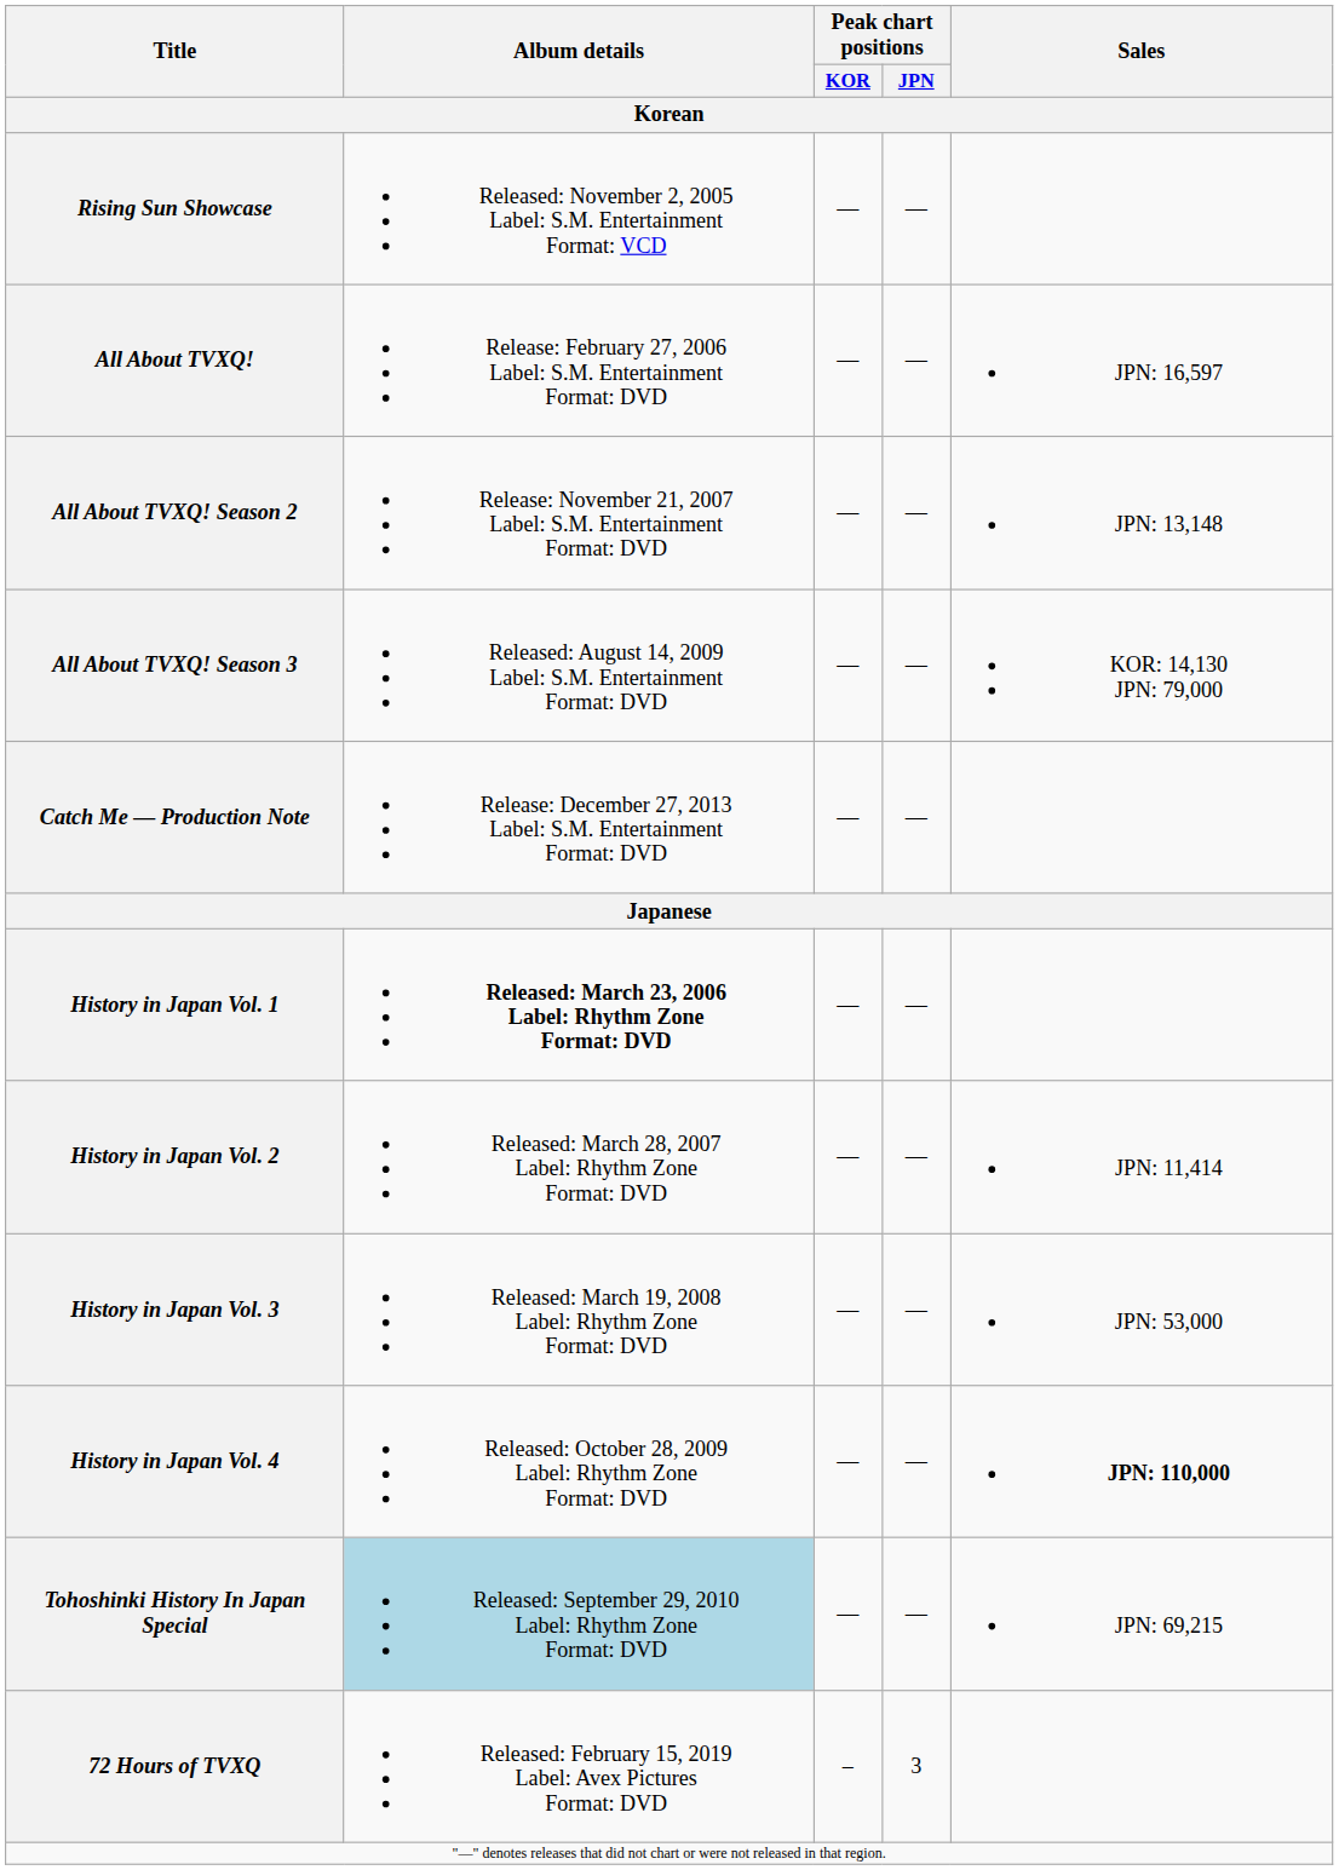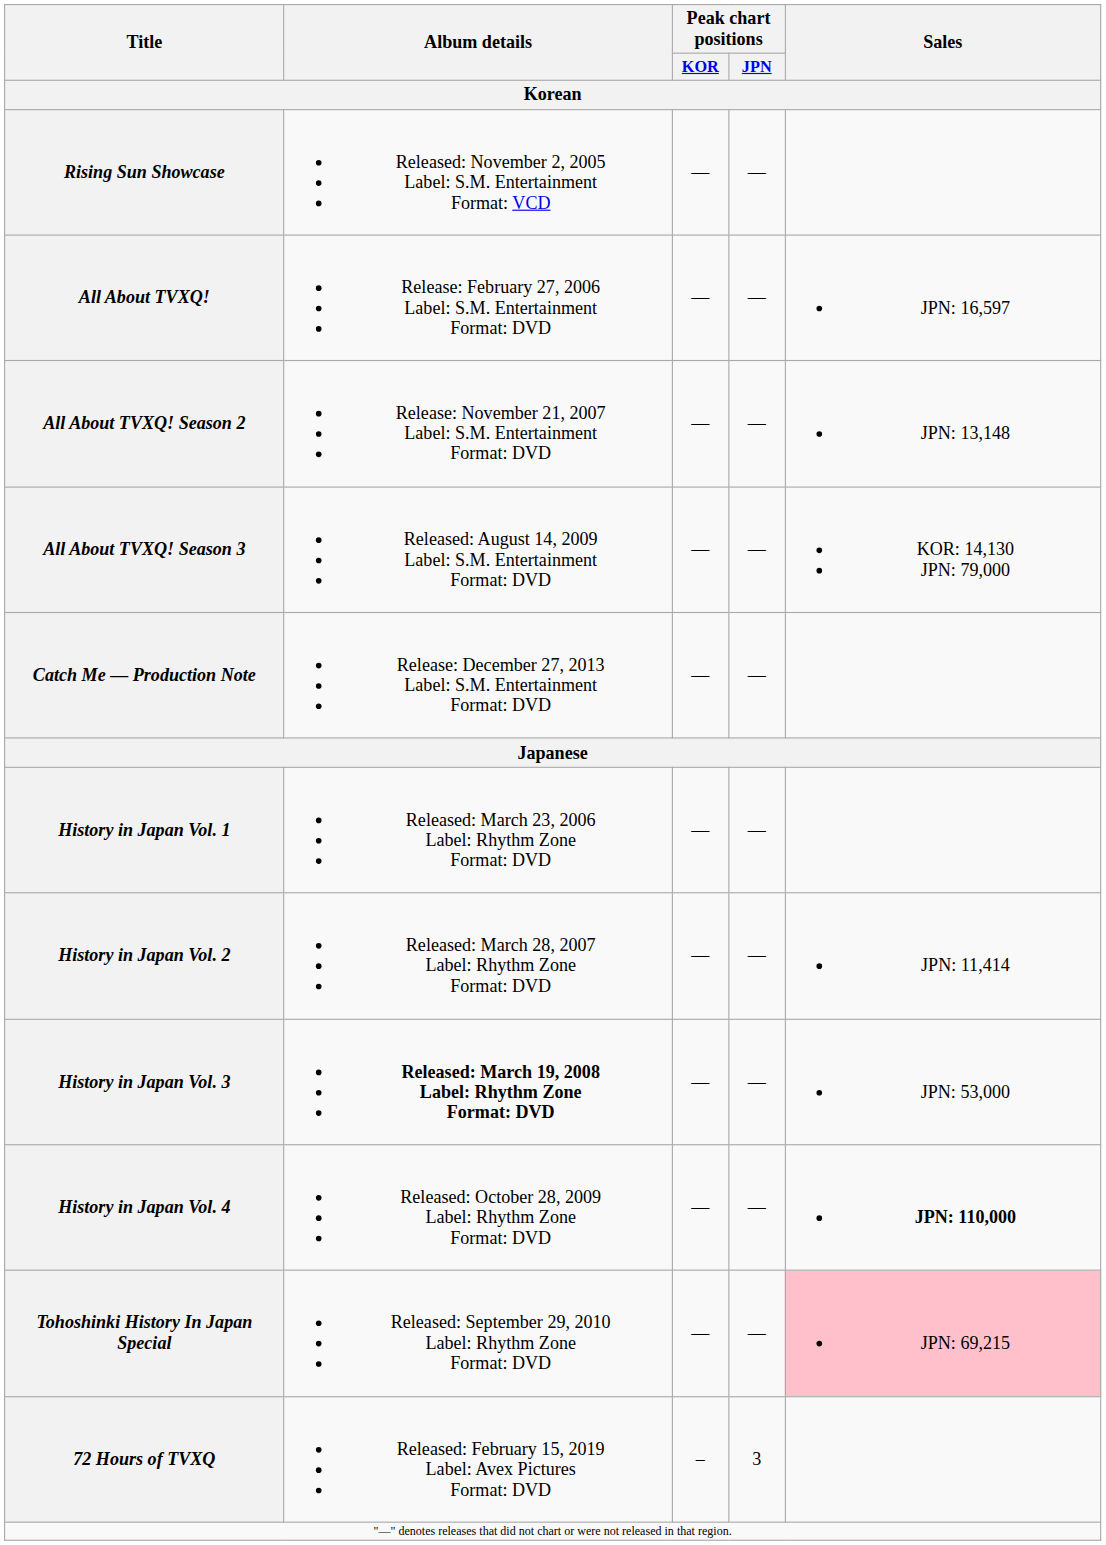 <table class="wikitable plainrowheaders" style="text-align:center;">
 <tr>
 <th scope="col" rowspan="2" style="width:15em;">Title</th>
 <th scope="col" rowspan="2" style="width:21em;">Album details</th>
 <th scope="col" colspan="2">Peak chart positions</th>
 <th scope="col" rowspan="2" style="width:17em;">Sales</th>
 </tr>
 <tr>
 <th scope="col" style="width:3em;font-size:90%;"><a href='#'>KOR</a><br></th>
 <th scope="col" style="width:3em;font-size:90%;"><a href='#'>JPN</a><br></th>
 </tr>
 <tr>
 <th colspan="8">Korean</th>
 </tr>
 <tr>
 <th scope="row"><em>Rising Sun Showcase</em></th>
 <td><br><ul><li>Released: November 2, 2005</li><li>Label: S.M. Entertainment</li><li>Format: <a href='#'>VCD</a></li></ul></td>
 <td style="text-align:center;">—</td>
 <td style="text-align:center;">—</td>
 <td></td>
 </tr>
 <tr>
 <th scope="row"><em>All About TVXQ!</em></th>
 <td><br><ul><li>Release: February 27, 2006</li><li>Label: S.M. Entertainment</li><li>Format: DVD</li></ul></td>
 <td style="text-align:center;">—</td>
 <td style="text-align:center;">—</td>
 <td><br><ul><li>JPN: 16,597</li></ul></td>
 </tr>
 <tr>
 <th scope="row"><em>All About TVXQ! Season 2</em></th>
 <td><br><ul><li>Release: November 21, 2007</li><li>Label: S.M. Entertainment</li><li>Format: DVD</li></ul></td>
 <td style="text-align:center;">—</td>
 <td style="text-align:center;">—</td>
 <td><br><ul><li>JPN: 13,148</li></ul></td>
 </tr>
 <tr>
 <th scope="row"><em>All About TVXQ! Season 3</em></th>
 <td><br><ul><li>Released: August 14, 2009</li><li>Label: S.M. Entertainment</li><li>Format: DVD</li></ul></td>
 <td style="text-align:center;">—</td>
 <td style="text-align:center;">—</td>
 <td><br><ul><li>KOR: 14,130</li><li>JPN: 79,000</li></ul></td>
 </tr>
 <tr>
 <th scope="row"><em>Catch Me — Production Note</em></th>
 <td><br><ul><li>Release: December 27, 2013</li><li>Label: S.M. Entertainment</li><li>Format: DVD</li></ul></td>
 <td style="text-align:center;">—</td>
 <td style="text-align:center;">—</td>
 <td></td>
 </tr>
 <tr>
 <th colspan="8">Japanese</th>
 </tr>
 <tr>
 <th scope="row"><em>History in Japan Vol. 1</em></th>
-<td><strong><br><ul><li>Released: March 23, 2006</li><li>Label: Rhythm Zone</li><li>Format: DVD</li></ul></strong></td>
+<td><br><ul><li>Released: March 23, 2006</li><li>Label: Rhythm Zone</li><li>Format: DVD</li></ul></td>
 <td style="text-align:center;">—</td>
 <td style="text-align:center;">—</td>
 <td></td>
 </tr>
 <tr>
 <th scope="row"><em>History in Japan Vol. 2</em></th>
 <td><br><ul><li>Released: March 28, 2007</li><li>Label: Rhythm Zone</li><li>Format: DVD</li></ul></td>
 <td style="text-align:center;">—</td>
 <td style="text-align:center;">—</td>
 <td><br><ul><li>JPN: 11,414</li></ul></td>
 </tr>
 <tr>
 <th scope="row"><em>History in Japan Vol. 3</em></th>
-<td><br><ul><li>Released: March 19, 2008</li><li>Label: Rhythm Zone</li><li>Format: DVD</li></ul></td>
+<td><strong><br><ul><li>Released: March 19, 2008</li><li>Label: Rhythm Zone</li><li>Format: DVD</li></ul></strong></td>
 <td style="text-align:center;">—</td>
 <td style="text-align:center;">—</td>
 <td><br><ul><li>JPN: 53,000</li></ul></td>
 </tr>
 <tr>
 <th scope="row"><em>History in Japan Vol. 4</em></th>
 <td><br><ul><li>Released: October 28, 2009</li><li>Label: Rhythm Zone</li><li>Format: DVD</li></ul></td>
 <td style="text-align:center;">—</td>
 <td style="text-align:center;">—</td>
 <td><strong><br><ul><li>JPN: 110,000</li></ul></strong></td>
 </tr>
 <tr>
 <th scope="row"><em>Tohoshinki History In Japan Special</em></th>
-<td style="background: lightblue;"><br><ul><li>Released: September 29, 2010</li><li>Label: Rhythm Zone</li><li>Format: DVD</li></ul></td>
+<td><br><ul><li>Released: September 29, 2010</li><li>Label: Rhythm Zone</li><li>Format: DVD</li></ul></td>
 <td style="text-align:center;">—</td>
 <td style="text-align:center;">—</td>
-<td><br><ul><li>JPN: 69,215</li></ul></td>
+<td style="background: pink;"><br><ul><li>JPN: 69,215</li></ul></td>
 </tr>
 <tr>
 <th scope="row"><em>72 Hours of TVXQ</em></th>
 <td><br><ul><li>Released: February 15, 2019</li><li>Label: Avex Pictures</li><li>Format: DVD</li></ul></td>
 <td style="text-align:center;">–</td>
 <td style="text-align:center;">3</td>
 <td></td>
 </tr>
 <tr>
 <td align="center" colspan="14" style="font-size:8pt">"—" denotes releases that did not chart or were not released in that region.</td>
 </tr>
 </table>
